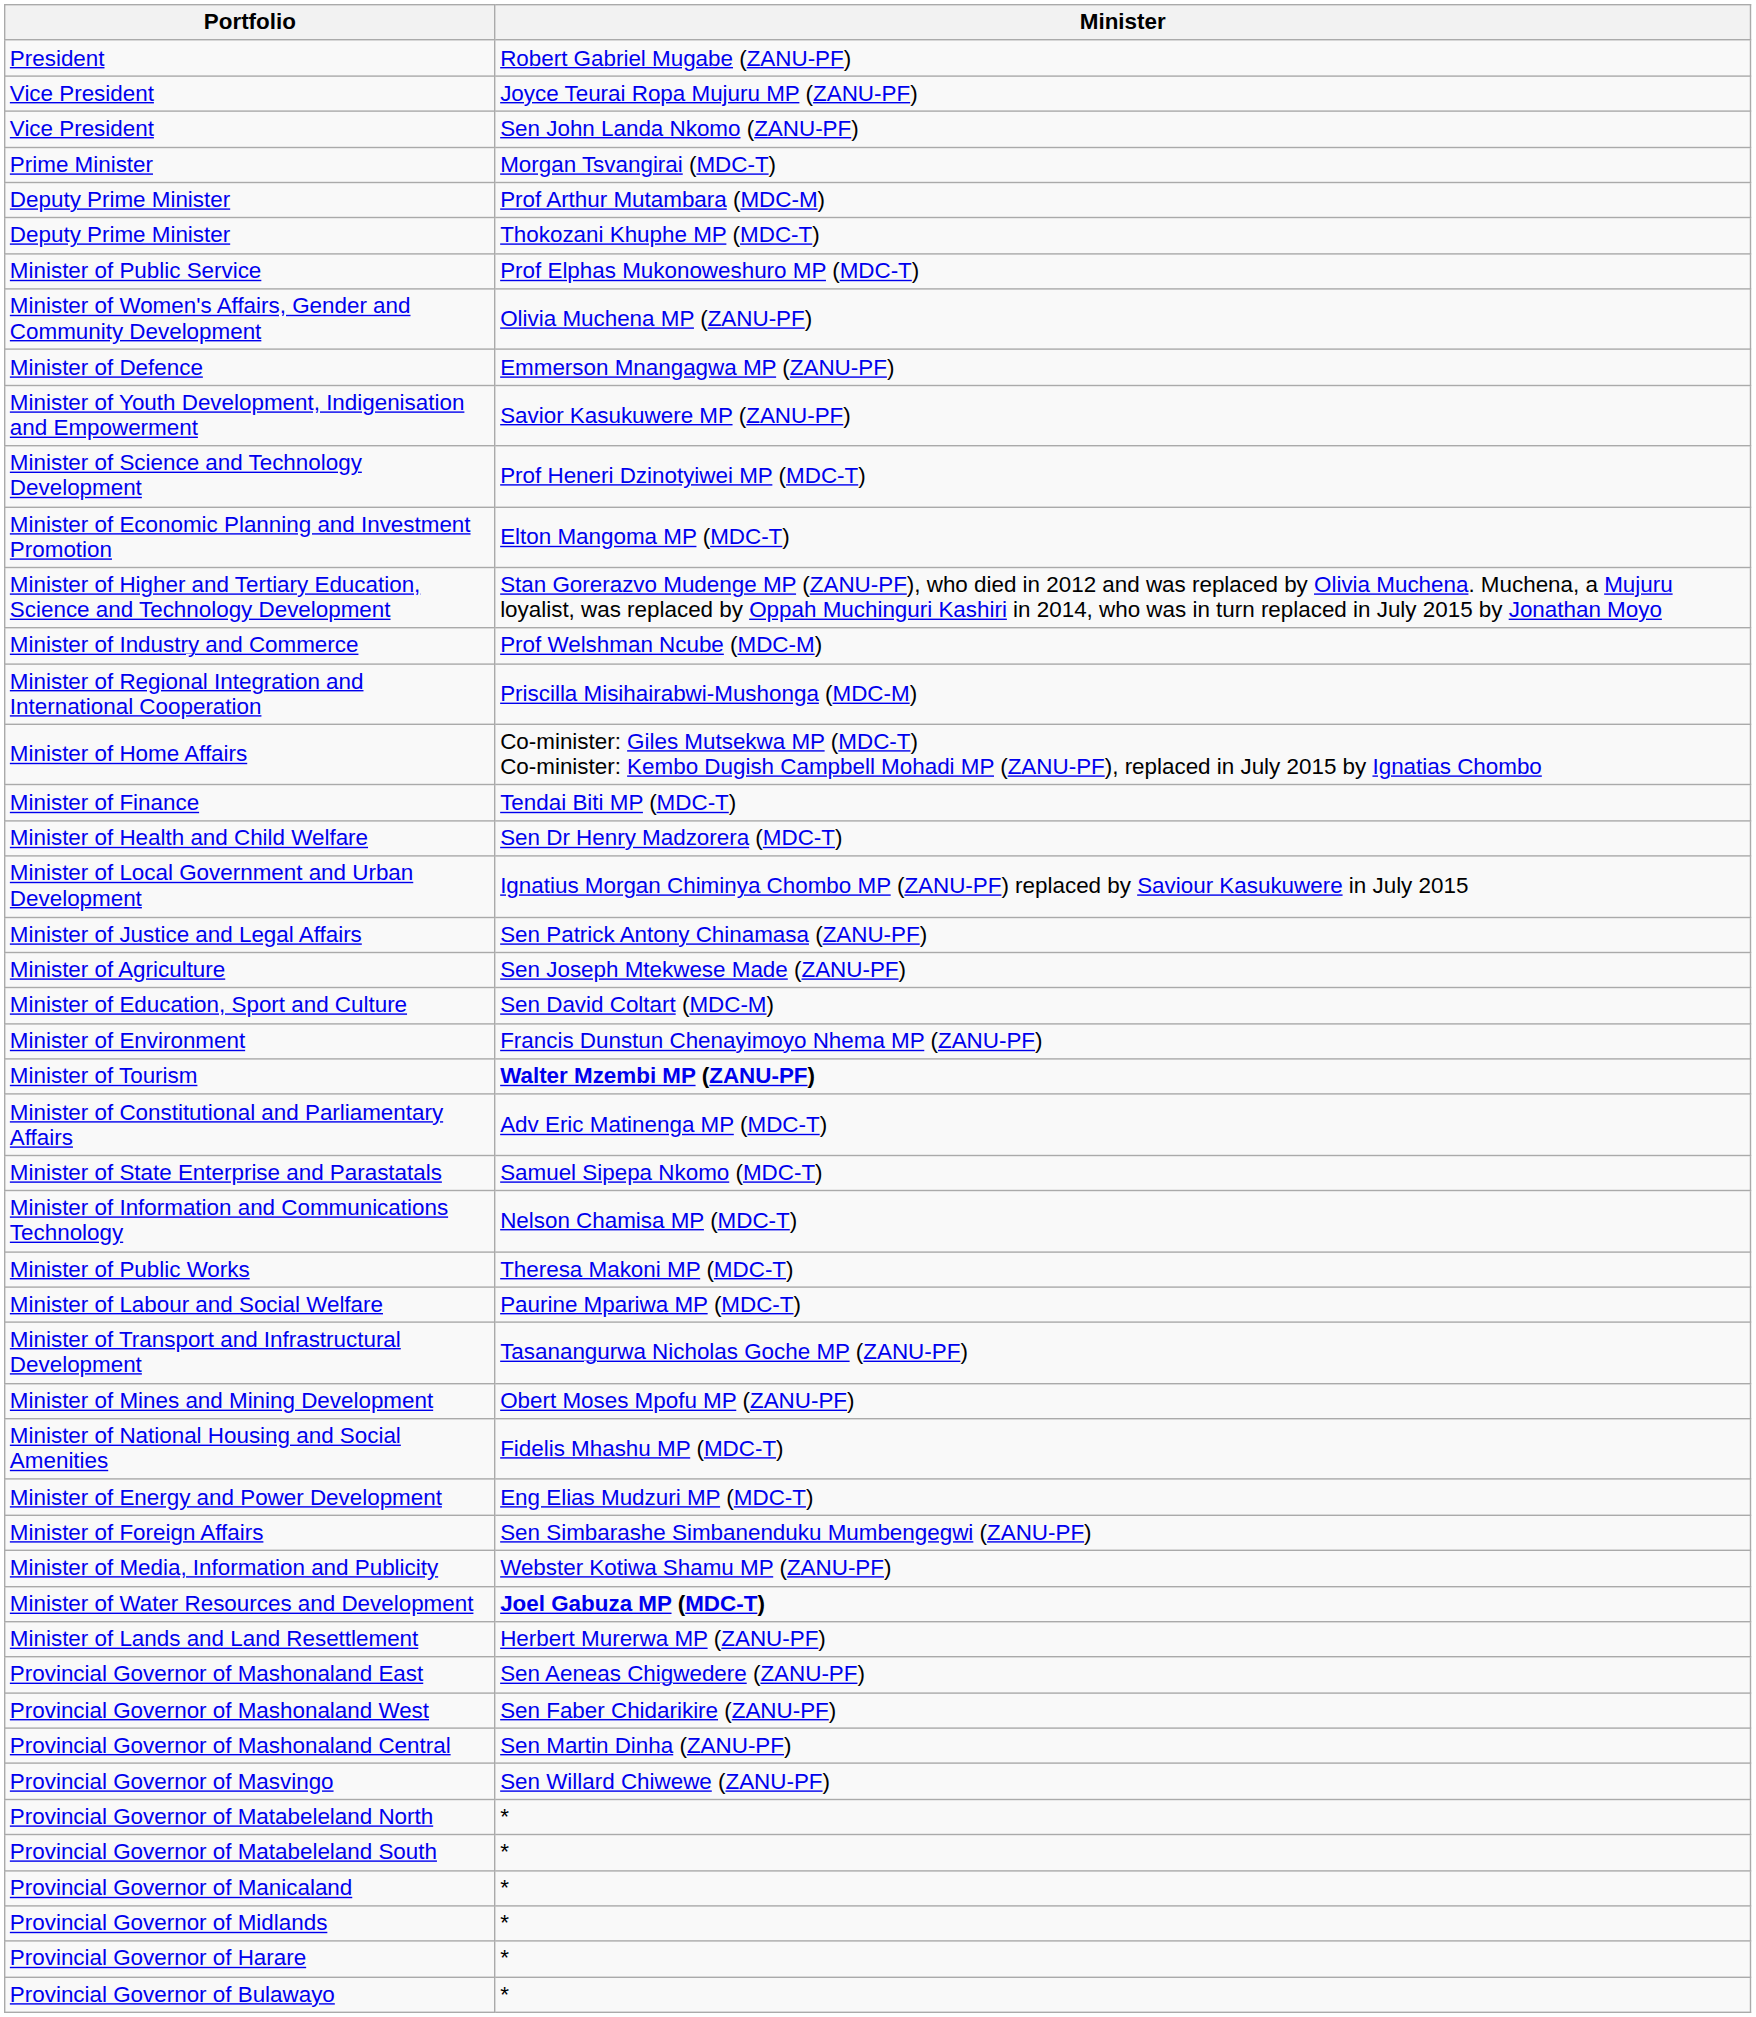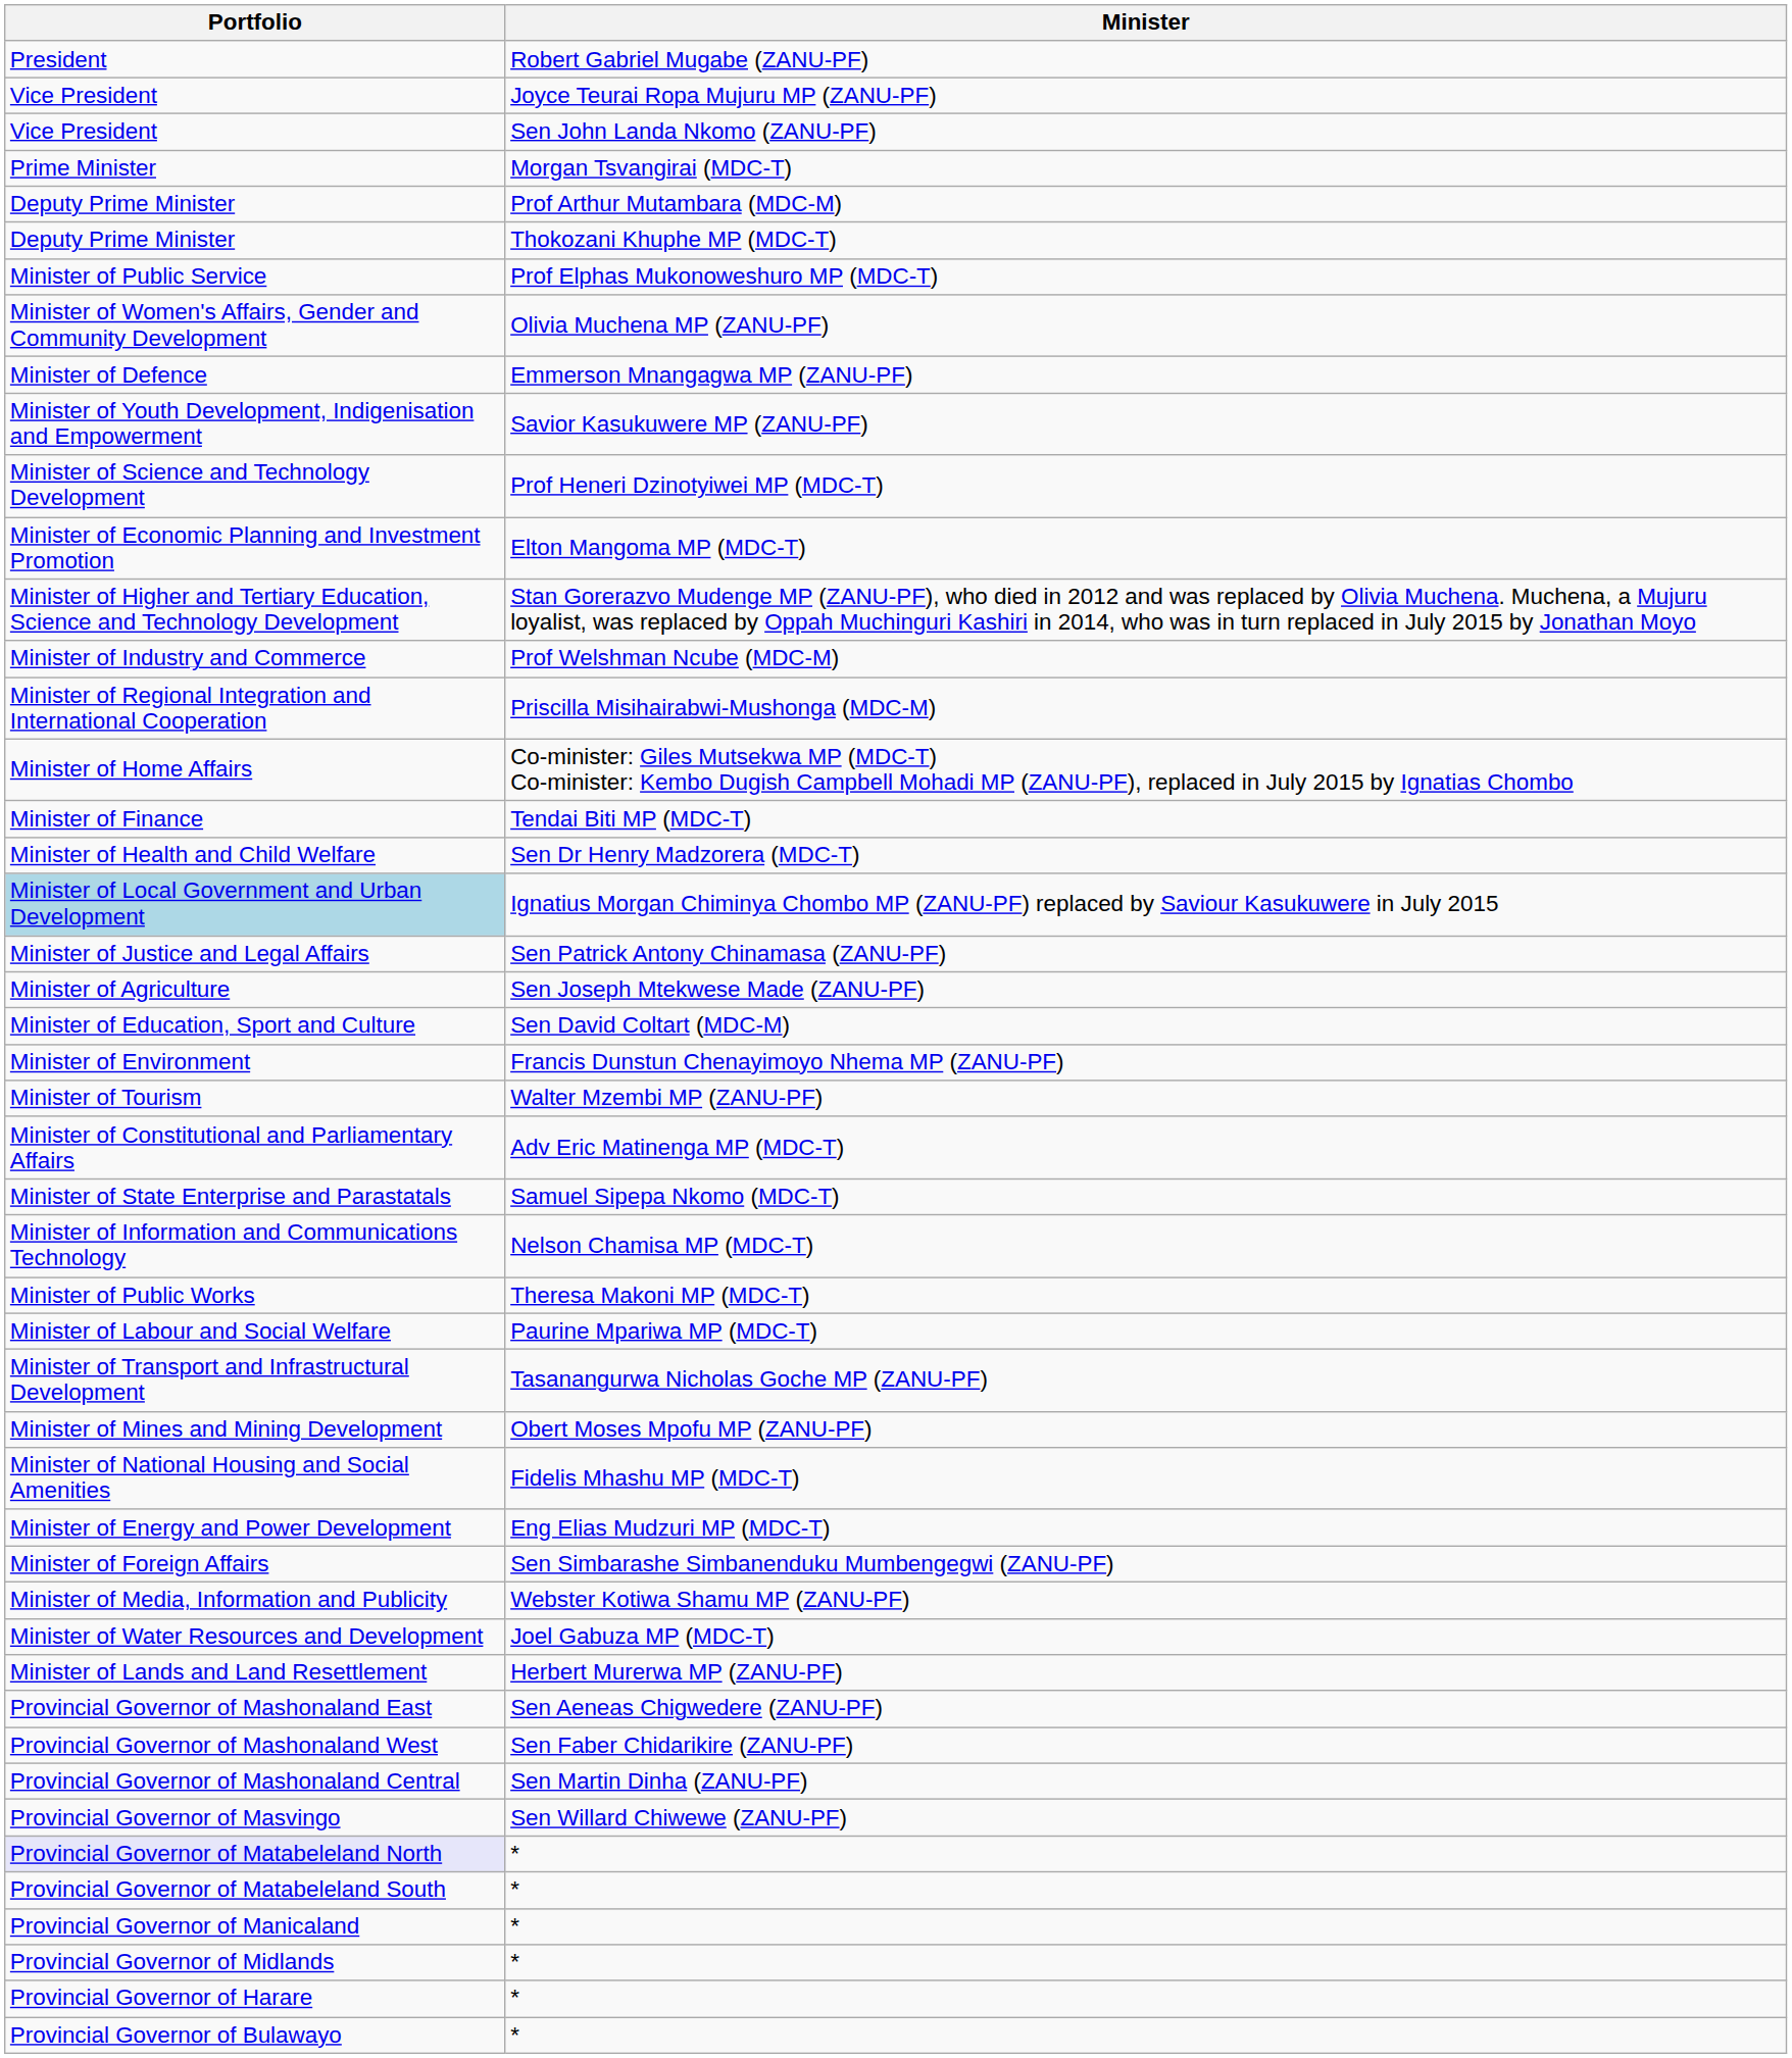 <table class="wikitable">
 <tr>
 <th>Portfolio</th>
 <th>Minister</th>
 </tr>
 <tr>
 <td><a href='#'>President</a></td>
 <td><a href='#'>Robert Gabriel Mugabe</a> (<a href='#'>ZANU-PF</a>)</td>
 </tr>
 <tr>
 <td><a href='#'>Vice President</a></td>
 <td><a href='#'>Joyce Teurai Ropa Mujuru MP</a> (<a href='#'>ZANU-PF</a>)</td>
 </tr>
 <tr>
 <td><a href='#'>Vice President</a></td>
 <td><a href='#'>Sen John Landa Nkomo</a> (<a href='#'>ZANU-PF</a>)</td>
 </tr>
 <tr>
 <td><a href='#'>Prime Minister</a></td>
 <td><a href='#'>Morgan Tsvangirai</a> (<a href='#'>MDC-T</a>)</td>
 </tr>
 <tr>
 <td><a href='#'>Deputy Prime Minister</a></td>
 <td><a href='#'>Prof Arthur Mutambara</a> (<a href='#'>MDC-M</a>)</td>
 </tr>
 <tr>
 <td><a href='#'>Deputy Prime Minister</a></td>
 <td><a href='#'>Thokozani Khuphe MP</a> (<a href='#'>MDC-T</a>)</td>
 </tr>
 <tr>
 <td><a href='#'>Minister of Public Service</a></td>
 <td><a href='#'>Prof Elphas Mukonoweshuro MP</a> (<a href='#'>MDC-T</a>)</td>
 </tr>
 <tr>
 <td><a href='#'>Minister of Women's Affairs, Gender and Community Development</a></td>
 <td><a href='#'>Olivia Muchena MP</a> (<a href='#'>ZANU-PF</a>)</td>
 </tr>
 <tr>
 <td><a href='#'>Minister of Defence</a></td>
 <td><a href='#'>Emmerson Mnangagwa MP</a> (<a href='#'>ZANU-PF</a>)</td>
 </tr>
 <tr>
 <td><a href='#'>Minister of Youth Development, Indigenisation and Empowerment</a></td>
 <td><a href='#'>Savior Kasukuwere MP</a> (<a href='#'>ZANU-PF</a>)</td>
 </tr>
 <tr>
 <td><a href='#'>Minister of Science and Technology Development</a></td>
 <td><a href='#'>Prof Heneri Dzinotyiwei MP</a> (<a href='#'>MDC-T</a>)</td>
 </tr>
 <tr>
 <td><a href='#'>Minister of Economic Planning and Investment Promotion</a></td>
 <td><a href='#'>Elton Mangoma MP</a> (<a href='#'>MDC-T</a>)</td>
 </tr>
 <tr>
 <td><a href='#'>Minister of Higher and Tertiary Education, Science and Technology Development</a></td>
 <td><a href='#'>Stan Gorerazvo Mudenge MP</a> (<a href='#'>ZANU-PF</a>), who died in 2012 and was replaced by <a href='#'>Olivia Muchena</a>.  Muchena, a <a href='#'>Mujuru</a> loyalist, was replaced by <a href='#'>Oppah Muchinguri Kashiri</a> in 2014, who was in turn replaced in July 2015 by <a href='#'>Jonathan Moyo</a></td>
 </tr>
 <tr>
 <td><a href='#'>Minister of Industry and Commerce</a></td>
 <td><a href='#'>Prof Welshman Ncube</a> (<a href='#'>MDC-M</a>)</td>
 </tr>
 <tr>
 <td><a href='#'>Minister of Regional Integration and International Cooperation</a></td>
 <td><a href='#'>Priscilla Misihairabwi-Mushonga</a> (<a href='#'>MDC-M</a>)</td>
 </tr>
 <tr>
 <td><a href='#'>Minister of Home Affairs</a></td>
 <td>Co-minister: <a href='#'>Giles Mutsekwa MP</a> (<a href='#'>MDC-T</a>)<br>Co-minister: <a href='#'>Kembo Dugish Campbell Mohadi MP</a> (<a href='#'>ZANU-PF</a>), replaced in July 2015 by <a href='#'>Ignatias Chombo</a></td>
 </tr>
 <tr>
 <td><a href='#'>Minister of Finance</a></td>
 <td><a href='#'>Tendai Biti MP</a> (<a href='#'>MDC-T</a>)</td>
 </tr>
 <tr>
 <td><a href='#'>Minister of Health and Child Welfare</a></td>
 <td><a href='#'>Sen Dr Henry Madzorera</a> (<a href='#'>MDC-T</a>)</td>
 </tr>
 <tr>
-<td><a href='#'>Minister of Local Government and Urban Development</a></td>
+<td style="background: lightblue;"><a href='#'>Minister of Local Government and Urban Development</a></td>
 <td><a href='#'>Ignatius Morgan Chiminya Chombo MP</a> (<a href='#'>ZANU-PF</a>) replaced by <a href='#'>Saviour Kasukuwere</a> in July 2015</td>
 </tr>
 <tr>
 <td><a href='#'>Minister of Justice and Legal Affairs</a></td>
 <td><a href='#'>Sen Patrick Antony Chinamasa</a> (<a href='#'>ZANU-PF</a>)</td>
 </tr>
 <tr>
 <td><a href='#'>Minister of Agriculture</a></td>
 <td><a href='#'>Sen Joseph Mtekwese Made</a> (<a href='#'>ZANU-PF</a>)</td>
 </tr>
 <tr>
 <td><a href='#'>Minister of Education, Sport and Culture</a></td>
 <td><a href='#'>Sen David Coltart</a> (<a href='#'>MDC-M</a>)</td>
 </tr>
 <tr>
 <td><a href='#'>Minister of Environment</a></td>
 <td><a href='#'>Francis Dunstun Chenayimoyo Nhema MP</a> (<a href='#'>ZANU-PF</a>)</td>
 </tr>
 <tr>
 <td><a href='#'>Minister of Tourism</a></td>
-<td><strong><a href='#'>Walter Mzembi MP</a> (<a href='#'>ZANU-PF</a>)</strong></td>
+<td><a href='#'>Walter Mzembi MP</a> (<a href='#'>ZANU-PF</a>)</td>
 </tr>
 <tr>
 <td><a href='#'>Minister of Constitutional and Parliamentary Affairs</a></td>
 <td><a href='#'>Adv Eric Matinenga MP</a> (<a href='#'>MDC-T</a>)</td>
 </tr>
 <tr>
 <td><a href='#'>Minister of State Enterprise and Parastatals</a></td>
 <td><a href='#'>Samuel Sipepa Nkomo</a> (<a href='#'>MDC-T</a>)</td>
 </tr>
 <tr>
 <td><a href='#'>Minister of Information and Communications Technology</a></td>
 <td><a href='#'>Nelson Chamisa MP</a> (<a href='#'>MDC-T</a>)</td>
 </tr>
 <tr>
 <td><a href='#'>Minister of Public Works</a></td>
 <td><a href='#'>Theresa Makoni MP</a> (<a href='#'>MDC-T</a>)</td>
 </tr>
 <tr>
 <td><a href='#'>Minister of Labour and Social Welfare</a></td>
 <td><a href='#'>Paurine Mpariwa MP</a> (<a href='#'>MDC-T</a>)</td>
 </tr>
 <tr>
 <td><a href='#'>Minister of Transport and Infrastructural Development</a></td>
 <td><a href='#'>Tasanangurwa Nicholas Goche MP</a> (<a href='#'>ZANU-PF</a>)</td>
 </tr>
 <tr>
 <td><a href='#'>Minister of Mines and Mining Development</a></td>
 <td><a href='#'>Obert Moses Mpofu MP</a> (<a href='#'>ZANU-PF</a>)</td>
 </tr>
 <tr>
 <td><a href='#'>Minister of National Housing and Social Amenities</a></td>
 <td><a href='#'>Fidelis Mhashu MP</a> (<a href='#'>MDC-T</a>)</td>
 </tr>
 <tr>
 <td><a href='#'>Minister of Energy and Power Development</a></td>
 <td><a href='#'>Eng Elias Mudzuri MP</a> (<a href='#'>MDC-T</a>)</td>
 </tr>
 <tr>
 <td><a href='#'>Minister of Foreign Affairs</a></td>
 <td><a href='#'>Sen Simbarashe Simbanenduku Mumbengegwi</a> (<a href='#'>ZANU-PF</a>)</td>
 </tr>
 <tr>
 <td><a href='#'>Minister of Media, Information and Publicity</a></td>
 <td><a href='#'>Webster Kotiwa Shamu MP</a> (<a href='#'>ZANU-PF</a>)</td>
 </tr>
 <tr>
 <td><a href='#'>Minister of Water Resources and Development</a></td>
-<td><strong><a href='#'>Joel Gabuza MP</a> (<a href='#'>MDC-T</a>)</strong></td>
+<td><a href='#'>Joel Gabuza MP</a> (<a href='#'>MDC-T</a>)</td>
 </tr>
 <tr>
 <td><a href='#'>Minister of Lands and Land Resettlement</a></td>
 <td><a href='#'>Herbert Murerwa MP</a> (<a href='#'>ZANU-PF</a>)</td>
 </tr>
 <tr>
 <td><a href='#'>Provincial Governor of Mashonaland East</a></td>
 <td><a href='#'>Sen Aeneas Chigwedere</a> (<a href='#'>ZANU-PF</a>)</td>
 </tr>
 <tr>
 <td><a href='#'>Provincial Governor of Mashonaland West</a></td>
 <td><a href='#'>Sen Faber Chidarikire</a> (<a href='#'>ZANU-PF</a>)</td>
 </tr>
 <tr>
 <td><a href='#'>Provincial Governor of Mashonaland Central</a></td>
 <td><a href='#'>Sen Martin Dinha</a> (<a href='#'>ZANU-PF</a>)</td>
 </tr>
 <tr>
 <td><a href='#'>Provincial Governor of Masvingo</a></td>
 <td><a href='#'>Sen Willard Chiwewe</a> (<a href='#'>ZANU-PF</a>)</td>
 </tr>
 <tr>
-<td><a href='#'>Provincial Governor of Matabeleland North</a></td>
+<td style="background: lavender;"><a href='#'>Provincial Governor of Matabeleland North</a></td>
 <td>*</td>
 </tr>
 <tr>
 <td><a href='#'>Provincial Governor of Matabeleland South</a></td>
 <td>*</td>
 </tr>
 <tr>
 <td><a href='#'>Provincial Governor of Manicaland</a></td>
 <td>*</td>
 </tr>
 <tr>
 <td><a href='#'>Provincial Governor of Midlands</a></td>
 <td>*</td>
 </tr>
 <tr>
 <td><a href='#'>Provincial Governor of Harare</a></td>
 <td>*</td>
 </tr>
 <tr>
 <td><a href='#'>Provincial Governor of Bulawayo</a></td>
 <td>*</td>
 </tr>
 </table>
